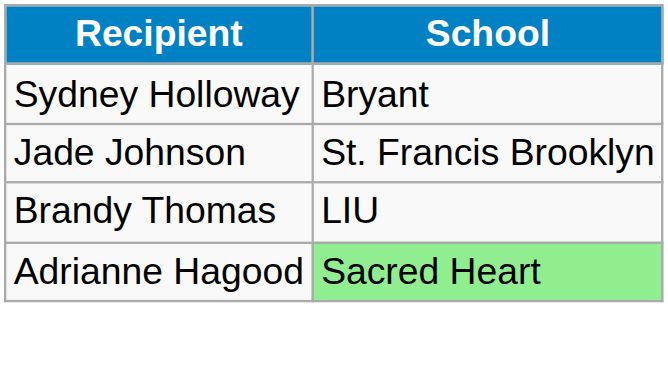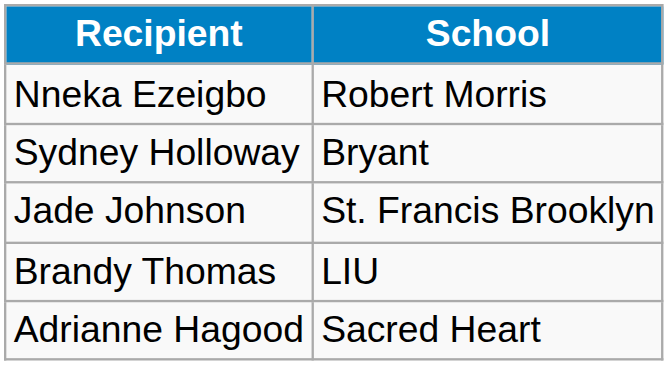 <table class="wikitable" border="1">
 <tr>
 <th align="center" style="background:#0081C4; color:#FFFFFF;">Recipient</th>
 <th align="center" style="background:#0081C4; color:#FFFFFF;">School</th>
+</tr>
+<tr>
+<td>Nneka Ezeigbo</td>
+<td>Robert Morris</td>
 </tr>
 <tr>
 <td>Sydney Holloway</td>
 <td>Bryant</td>
 </tr>
 <tr>
 <td>Jade Johnson</td>
 <td>St. Francis Brooklyn</td>
 </tr>
 <tr>
 <td>Brandy Thomas</td>
 <td>LIU</td>
 </tr>
 <tr>
 <td>Adrianne Hagood</td>
-<td style="background: lightgreen;">Sacred Heart</td>
+<td>Sacred Heart</td>
 </tr>
 </table>
